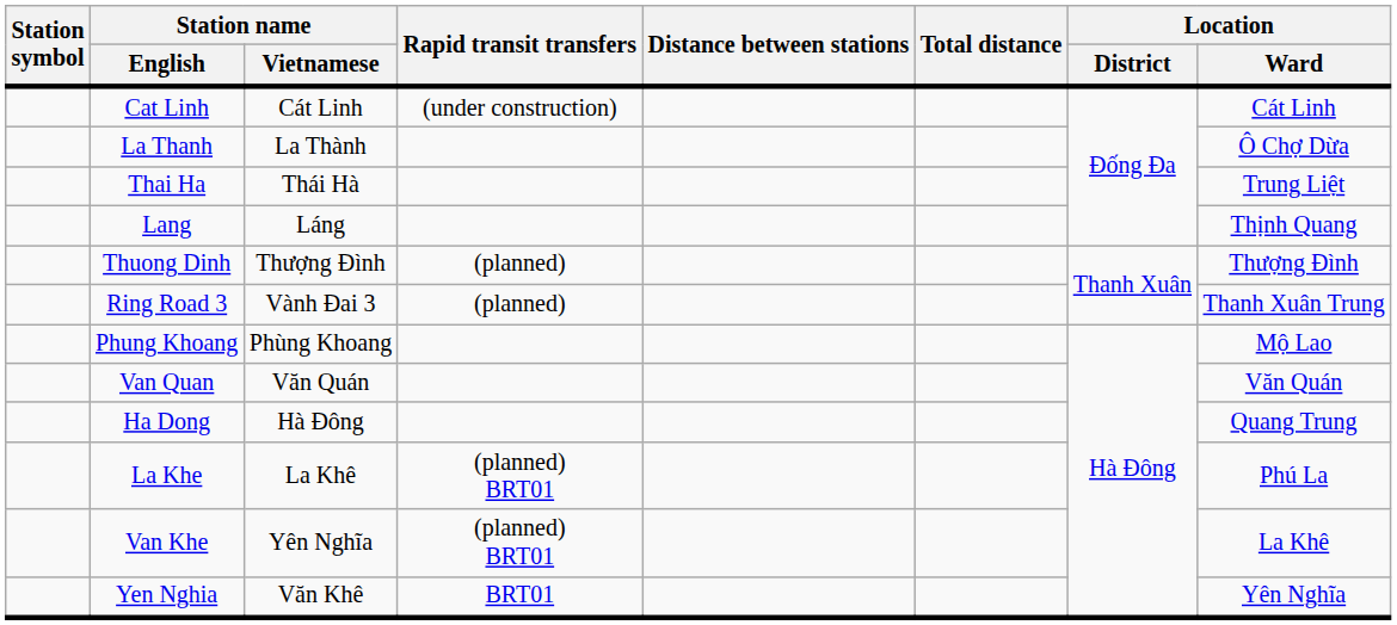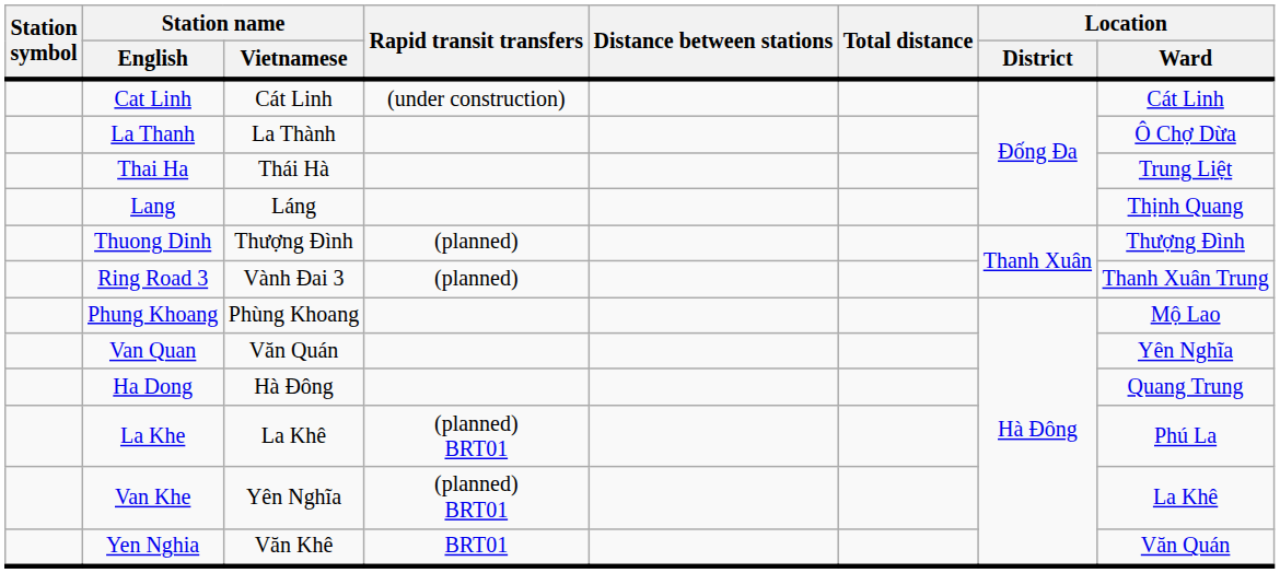 <table class="wikitable" style="font-size: 85%; text-align: center;">
 <tr>
 <th rowspan="2">Station<br>symbol</th>
 <th colspan="2">Station name</th>
 <th rowspan="2">Rapid transit transfers</th>
 <th rowspan="2">Distance between stations</th>
 <th rowspan="2">Total distance</th>
 <th colspan="2">Location</th>
 </tr>
 <tr style="border-bottom:solid 0.25em ">
 <th>English</th>
 <th>Vietnamese</th>
 <th>District</th>
 <th>Ward</th>
 </tr>
 <tr>
 <td></td>
 <td><a href='#'>Cat Linh</a></td>
 <td>Cát Linh</td>
 <td> (under construction)</td>
 <td></td>
 <td></td>
 <td rowspan="4"><a href='#'>Đống Đa</a></td>
 <td><a href='#'>Cát Linh</a></td>
 </tr>
 <tr>
 <td></td>
 <td><a href='#'>La Thanh</a></td>
 <td>La Thành</td>
 <td></td>
 <td></td>
 <td></td>
 <td><a href='#'>Ô Chợ Dừa</a></td>
 </tr>
 <tr>
 <td></td>
 <td><a href='#'>Thai Ha</a></td>
 <td>Thái Hà</td>
 <td></td>
 <td></td>
 <td></td>
 <td><a href='#'>Trung Liệt</a></td>
 </tr>
 <tr>
 <td></td>
 <td><a href='#'>Lang</a></td>
 <td>Láng</td>
 <td></td>
 <td></td>
 <td></td>
 <td><a href='#'>Thịnh Quang</a></td>
 </tr>
 <tr>
 <td></td>
 <td><a href='#'>Thuong Dinh</a></td>
 <td>Thượng Đình</td>
 <td>  (planned)</td>
 <td></td>
 <td></td>
 <td rowspan="2"><a href='#'>Thanh Xuân</a></td>
 <td><a href='#'>Thượng Đình</a></td>
 </tr>
 <tr>
 <td></td>
 <td><a href='#'>Ring Road 3</a></td>
 <td>Vành Đai 3</td>
 <td> (planned)</td>
 <td></td>
 <td></td>
 <td><a href='#'>Thanh Xuân Trung</a></td>
 </tr>
 <tr>
 <td></td>
 <td><a href='#'>Phung Khoang</a></td>
 <td>Phùng Khoang</td>
 <td></td>
 <td></td>
 <td></td>
 <td rowspan="6"><a href='#'>Hà Đông</a></td>
 <td><a href='#'>Mộ Lao</a></td>
 </tr>
 <tr>
 <td></td>
 <td><a href='#'>Van Quan</a></td>
 <td>Văn Quán</td>
 <td></td>
 <td></td>
 <td></td>
-<td><a href='#'>Văn Quán</a></td>
+<td><a href='#'>Yên Nghĩa</a></td>
 </tr>
 <tr>
 <td></td>
 <td><a href='#'>Ha Dong</a></td>
 <td>Hà Đông</td>
 <td></td>
 <td></td>
 <td></td>
 <td><a href='#'>Quang Trung</a></td>
 </tr>
 <tr>
 <td></td>
 <td><a href='#'>La Khe</a></td>
 <td>La Khê</td>
 <td> (planned)<br> <a href='#'>BRT01</a></td>
 <td></td>
 <td></td>
 <td><a href='#'>Phú La</a></td>
 </tr>
 <tr>
 <td></td>
 <td><a href='#'>Van Khe</a></td>
 <td>Yên Nghĩa</td>
 <td> (planned)<br> <a href='#'>BRT01</a></td>
 <td></td>
 <td></td>
 <td><a href='#'>La Khê</a></td>
 </tr>
 <tr style="border-bottom:solid 0.25em ">
 <td></td>
 <td><a href='#'>Yen Nghia</a></td>
 <td>Văn Khê</td>
 <td> <a href='#'>BRT01</a></td>
 <td></td>
 <td></td>
-<td><a href='#'>Yên Nghĩa</a></td>
+<td><a href='#'>Văn Quán</a></td>
 </tr>
 </table>
